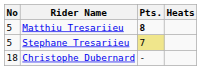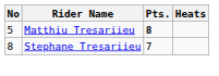 <table class="wikitable">
 <tr style="background-color:">
 <th>No</th>
 <th>Rider Name</th>
 <th>Pts.</th>
 <th>Heats</th>
 </tr>
 <tr>
 <td>5</td>
 <td><a href='#'>Matthiu Tresariieu</a></td>
 <td><strong>8</strong></td>
 <td></td>
 </tr>
 <tr>
-<td>5</td>
+<td>8</td>
 <td><a href='#'>Stephane Tresariieu</a></td>
-<td style="background: khaki;">7</td>
-<td></td>
-</tr>
-<tr>
-<td>18</td>
-<td><a href='#'>Christophe Dubernard</a></td>
-<td>-</td>
+<td>7</td>
 <td></td>
 </tr>
 </table>
